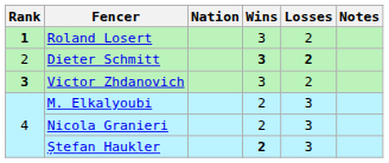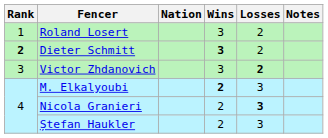 <table class="wikitable sortable" style="text-align:center">
 <tr>
 <th>Rank</th>
 <th>Fencer</th>
 <th>Nation</th>
 <th>Wins</th>
 <th>Losses</th>
 <th>Notes</th>
 </tr>
 <tr bgcolor=bbf3bb>
-<td><strong>1</strong></td>
+<td>1</td>
 <td align=left><a href='#'>Roland Losert</a></td>
 <td align=left></td>
 <td>3</td>
 <td>2</td>
 <td></td>
 </tr>
 <tr bgcolor=bbf3bb>
-<td>2</td>
+<td><strong>2</strong></td>
 <td align=left><a href='#'>Dieter Schmitt</a></td>
 <td align=left></td>
 <td><strong>3</strong></td>
-<td><strong>2</strong></td>
+<td>2</td>
 <td></td>
 </tr>
 <tr bgcolor=bbf3bb>
-<td><strong>3</strong></td>
+<td>3</td>
 <td align=left><a href='#'>Victor Zhdanovich</a></td>
 <td align=left></td>
 <td>3</td>
-<td>2</td>
+<td><strong>2</strong></td>
 <td></td>
 </tr>
 <tr bgcolor=bbf3ff>
 <td rowspan=3>4</td>
 <td align=left><a href='#'>M. Elkalyoubi</a></td>
 <td align=left></td>
-<td>2</td>
+<td><strong>2</strong></td>
 <td>3</td>
 <td></td>
 </tr>
 <tr bgcolor=bbf3ff>
 <td align=left><a href='#'>Nicola Granieri</a></td>
 <td align=left></td>
 <td>2</td>
-<td>3</td>
+<td><strong>3</strong></td>
 <td></td>
 </tr>
 <tr bgcolor=bbf3ff>
 <td align=left><a href='#'>Ștefan Haukler</a></td>
 <td align=left></td>
-<td><strong>2</strong></td>
+<td>2</td>
 <td>3</td>
 <td></td>
 </tr>
 </table>
